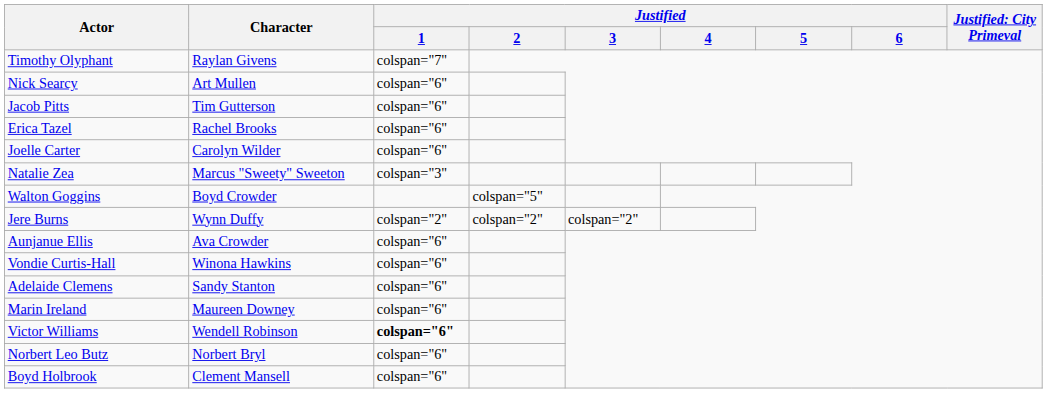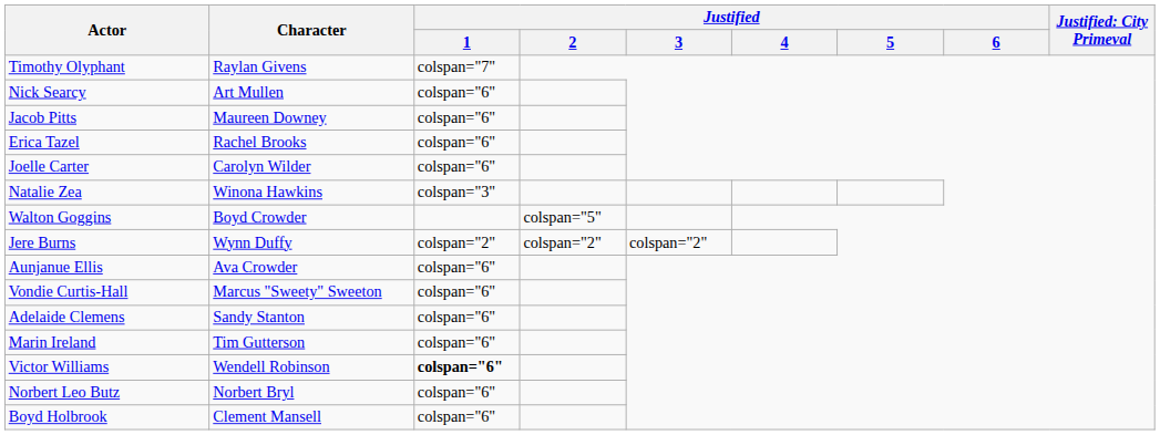 <table class="wikitable">
 <tr>
 <th rowspan="2" style="width:200px;">Actor</th>
 <th rowspan="2" style="width:200px;">Character</th>
 <th colspan="6"><em><a href='#'>Justified</a></em></th>
 <th rowspan="2" style="width:100px;"><em><a href='#'>Justified: City Primeval</a></em></th>
 </tr>
 <tr>
 <th style="width:100px;"><a href='#'>1</a></th>
 <th style="width:100px;"><a href='#'>2</a></th>
 <th style="width:100px;"><a href='#'>3</a></th>
 <th style="width:100px;"><a href='#'>4</a></th>
 <th style="width:100px;"><a href='#'>5</a></th>
 <th style="width:100px;"><a href='#'>6</a></th>
 </tr>
 <tr>
 <td><a href='#'>Timothy Olyphant</a></td>
 <td><a href='#'>Raylan Givens</a></td>
 <td>colspan="7" </td>
 </tr>
 <tr>
 <td><a href='#'>Nick Searcy</a></td>
 <td><a href='#'>Art Mullen</a></td>
 <td>colspan="6" </td>
 <td></td>
 </tr>
 <tr>
 <td><a href='#'>Jacob Pitts</a></td>
-<td><a href='#'>Tim Gutterson</a></td>
+<td><a href='#'>Maureen Downey</a></td>
 <td>colspan="6" </td>
 <td></td>
 </tr>
 <tr>
 <td><a href='#'>Erica Tazel</a></td>
 <td><a href='#'>Rachel Brooks</a></td>
 <td>colspan="6" </td>
 <td></td>
 </tr>
 <tr>
 <td><a href='#'>Joelle Carter</a></td>
 <td><a href='#'>Carolyn Wilder</a></td>
 <td>colspan="6" </td>
 <td></td>
 </tr>
 <tr>
 <td><a href='#'>Natalie Zea</a></td>
-<td><a href='#'>Marcus "Sweety" Sweeton</a></td>
+<td><a href='#'>Winona Hawkins</a></td>
 <td>colspan="3" </td>
 <td></td>
 <td></td>
 <td></td>
 <td></td>
 </tr>
 <tr>
 <td><a href='#'>Walton Goggins</a></td>
 <td><a href='#'>Boyd Crowder</a></td>
 <td></td>
 <td>colspan="5" </td>
 <td></td>
 </tr>
 <tr>
 <td><a href='#'>Jere Burns</a></td>
 <td><a href='#'>Wynn Duffy</a></td>
 <td>colspan="2" </td>
 <td>colspan="2" </td>
 <td>colspan="2" </td>
 <td></td>
 </tr>
 <tr>
 <td><a href='#'>Aunjanue Ellis</a></td>
 <td><a href='#'>Ava Crowder</a></td>
 <td>colspan="6" </td>
 <td></td>
 </tr>
 <tr>
 <td><a href='#'>Vondie Curtis-Hall</a></td>
-<td><a href='#'>Winona Hawkins</a></td>
+<td><a href='#'>Marcus "Sweety" Sweeton</a></td>
 <td>colspan="6" </td>
 <td></td>
 </tr>
 <tr>
 <td><a href='#'>Adelaide Clemens</a></td>
 <td><a href='#'>Sandy Stanton</a></td>
 <td>colspan="6" </td>
 <td></td>
 </tr>
 <tr>
 <td><a href='#'>Marin Ireland</a></td>
-<td><a href='#'>Maureen Downey</a></td>
+<td><a href='#'>Tim Gutterson</a></td>
 <td>colspan="6" </td>
 <td></td>
 </tr>
 <tr>
 <td><a href='#'>Victor Williams</a></td>
 <td><a href='#'>Wendell Robinson</a></td>
 <td><strong>colspan="6" </strong></td>
 <td></td>
 </tr>
 <tr>
 <td><a href='#'>Norbert Leo Butz</a></td>
 <td><a href='#'>Norbert Bryl</a></td>
 <td>colspan="6" </td>
 <td></td>
 </tr>
 <tr>
 <td><a href='#'>Boyd Holbrook</a></td>
 <td><a href='#'>Clement Mansell</a></td>
 <td>colspan="6" </td>
 <td></td>
 </tr>
 </table>
